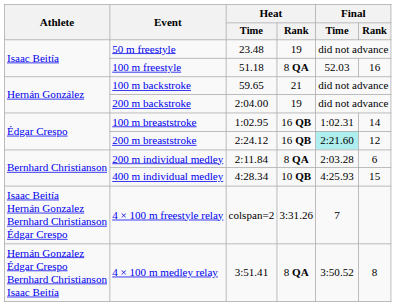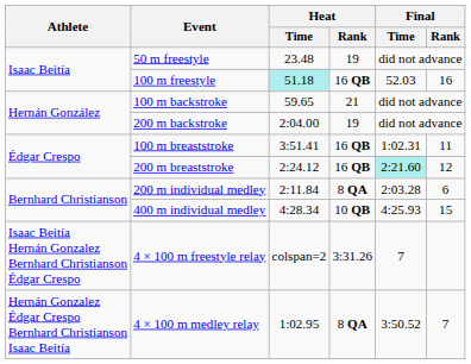 <table class=wikitable style="font-size:90%">
 <tr>
 <th rowspan="2">Athlete</th>
 <th rowspan="2">Event</th>
 <th colspan="2">Heat</th>
 <th colspan="2">Final</th>
 </tr>
 <tr style="font-size:95%">
 <th>Time</th>
 <th>Rank</th>
 <th>Time</th>
 <th>Rank</th>
 </tr>
 <tr align=center>
 <td align=left rowspan=2><a href='#'>Isaac Beitía</a></td>
 <td align=left><a href='#'>50 m freestyle</a></td>
 <td>23.48</td>
 <td>19</td>
 <td colspan="2">did not advance</td>
 </tr>
 <tr align=center>
 <td align=left><a href='#'>100 m freestyle</a></td>
-<td>51.18</td>
-<td>8 <strong>QA</strong></td>
+<td style="background: paleturquoise;">51.18</td>
+<td>16 <strong>QB</strong></td>
 <td>52.03</td>
 <td>16</td>
 </tr>
 <tr align=center>
 <td align=left rowspan=2><a href='#'>Hernán González</a></td>
 <td align=left><a href='#'>100 m backstroke</a></td>
 <td>59.65</td>
 <td>21</td>
 <td colspan="2">did not advance</td>
 </tr>
 <tr align=center>
 <td align=left><a href='#'>200 m backstroke</a></td>
 <td>2:04.00</td>
 <td>19</td>
 <td colspan="2">did not advance</td>
 </tr>
 <tr align=center>
 <td align=left rowspan="2"><a href='#'>Édgar Crespo</a></td>
 <td align=left><a href='#'>100 m breaststroke</a></td>
-<td>1:02.95</td>
+<td>3:51.41</td>
 <td>16 <strong>QB</strong></td>
 <td>1:02.31</td>
-<td>14</td>
+<td>11</td>
 </tr>
 <tr align=center>
 <td align=left><a href='#'>200 m breaststroke</a></td>
 <td>2:24.12</td>
 <td>16 <strong>QB</strong></td>
 <td style="background: paleturquoise;">2:21.60</td>
 <td>12</td>
 </tr>
 <tr align=center>
 <td align=left rowspan="2"><a href='#'>Bernhard Christianson</a></td>
 <td align=left><a href='#'>200 m individual medley</a></td>
 <td>2:11.84</td>
 <td>8 <strong>QA</strong></td>
 <td>2:03.28</td>
 <td>6</td>
 </tr>
 <tr align=center>
 <td align=left><a href='#'>400 m individual medley</a></td>
 <td>4:28.34</td>
 <td>10 <strong>QB</strong></td>
 <td>4:25.93</td>
 <td>15</td>
 </tr>
 <tr align=center>
 <td align=left><a href='#'>Isaac Beitía</a><br><a href='#'>Hernán Gonzalez</a><br><a href='#'>Bernhard Christianson</a><br><a href='#'>Édgar Crespo</a></td>
 <td align=left><a href='#'>4 × 100 m freestyle relay</a></td>
 <td>colspan=2 </td>
 <td>3:31.26</td>
 <td>7</td>
 </tr>
 <tr align=center>
 <td align=left><a href='#'>Hernán Gonzalez</a><br><a href='#'>Édgar Crespo</a><br><a href='#'>Bernhard Christianson</a><br><a href='#'>Isaac Beitía</a></td>
 <td align=left><a href='#'>4 × 100 m medley relay</a></td>
-<td>3:51.41</td>
+<td>1:02.95</td>
 <td>8 <strong>QA</strong></td>
 <td>3:50.52</td>
-<td>8</td>
+<td>7</td>
 </tr>
 </table>
